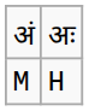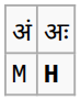 <table class="wikitable">
 <tr class="Unicode">
 <td>अं</td>
 <td>अः</td>
 </tr>
 <tr>
 <td>M</td>
-<td>H</td>
+<td><strong>H</strong></td>
 </tr>
 </table>
